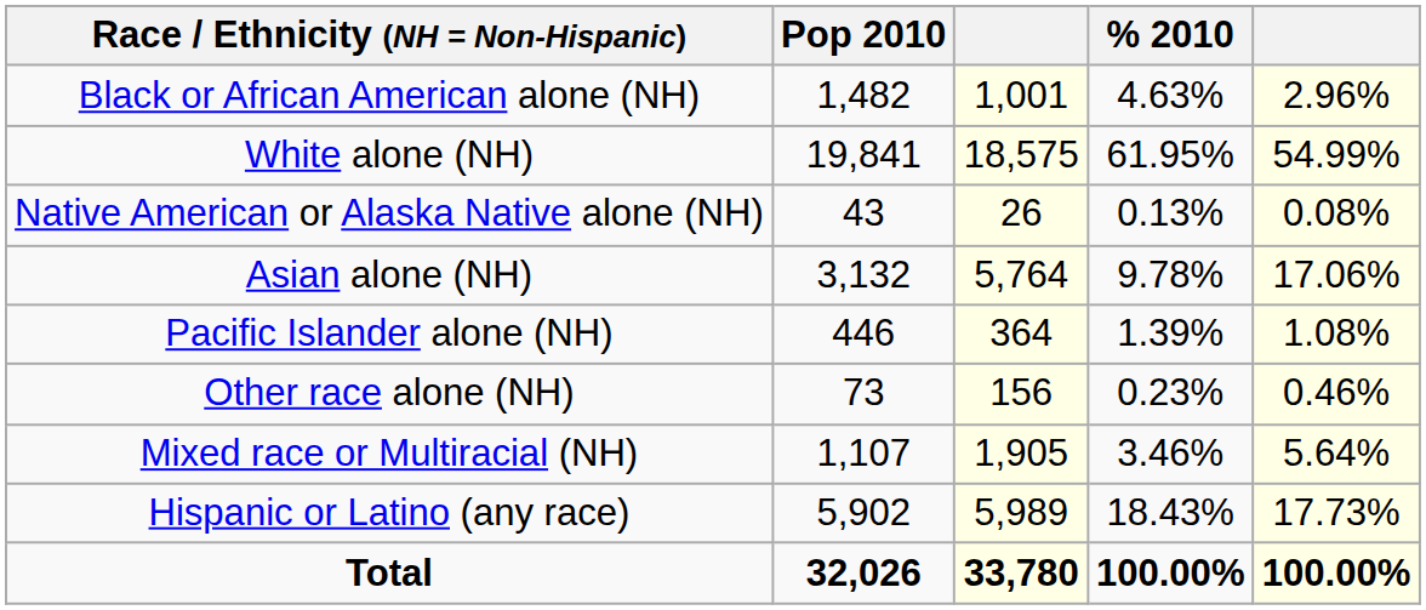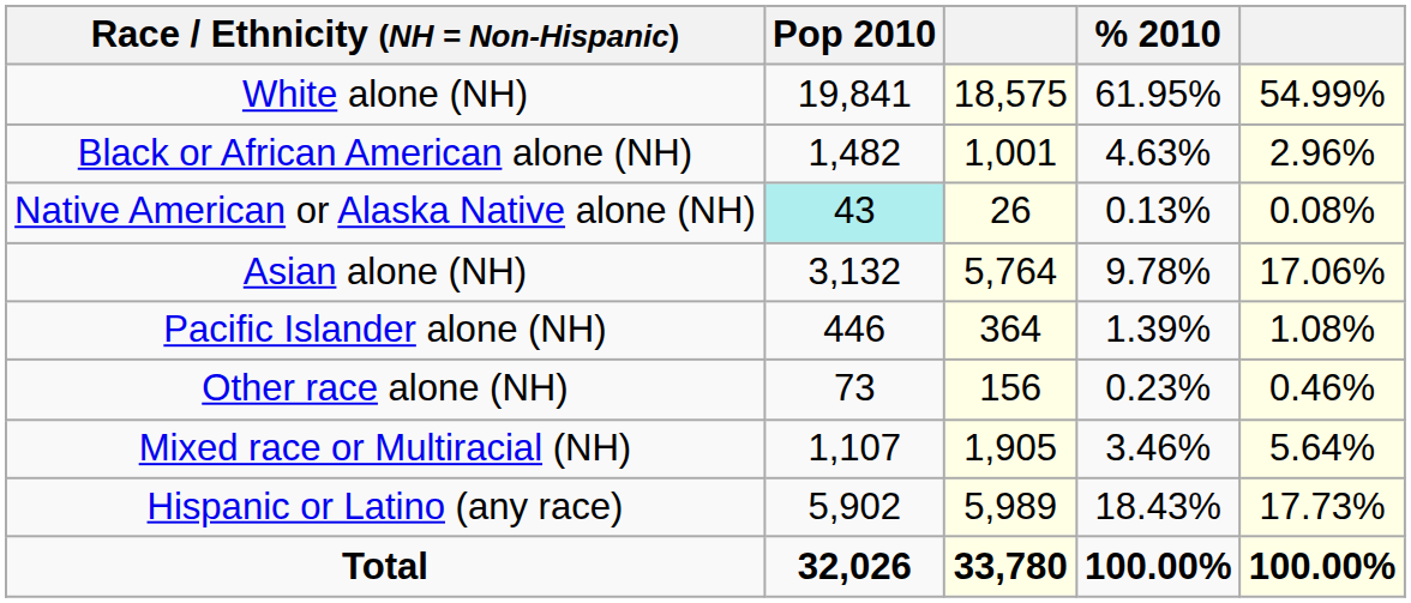 <table class="wikitable" style="text-align:center;">
 <tr>
 <th>Race / Ethnicity <small>(<em>NH = Non-Hispanic</em>)</small></th>
 <th>Pop 2010</th>
 <th></th>
 <th>% 2010</th>
 <th></th>
 </tr>
 <tr>
+<td><a href='#'>White</a> alone (NH)</td>
+<td>19,841</td>
+<td style='background: #ffffe6;'>18,575</td>
+<td>61.95%</td>
+<td style='background: #ffffe6;'>54.99%</td>
+</tr>
+<tr>
 <td><a href='#'>Black or African American</a> alone (NH)</td>
 <td>1,482</td>
 <td style='background: #ffffe6;'>1,001</td>
 <td>4.63%</td>
 <td style='background: #ffffe6;'>2.96%</td>
 </tr>
 <tr>
-<td><a href='#'>White</a> alone (NH)</td>
-<td>19,841</td>
-<td style='background: #ffffe6;'>18,575</td>
-<td>61.95%</td>
-<td style='background: #ffffe6;'>54.99%</td>
-</tr>
-<tr>
 <td><a href='#'>Native American</a> or <a href='#'>Alaska Native</a> alone (NH)</td>
-<td>43</td>
+<td style="background: paleturquoise;">43</td>
 <td style='background: #ffffe6;'>26</td>
 <td>0.13%</td>
 <td style='background: #ffffe6;'>0.08%</td>
 </tr>
 <tr>
 <td><a href='#'>Asian</a> alone (NH)</td>
 <td>3,132</td>
 <td style='background: #ffffe6;'>5,764</td>
 <td>9.78%</td>
 <td style='background: #ffffe6;'>17.06%</td>
 </tr>
 <tr>
 <td><a href='#'>Pacific Islander</a> alone (NH)</td>
 <td>446</td>
 <td style='background: #ffffe6;'>364</td>
 <td>1.39%</td>
 <td style='background: #ffffe6;'>1.08%</td>
 </tr>
 <tr>
 <td><a href='#'>Other race</a> alone (NH)</td>
 <td>73</td>
 <td style='background: #ffffe6;'>156</td>
 <td>0.23%</td>
 <td style='background: #ffffe6;'>0.46%</td>
 </tr>
 <tr>
 <td><a href='#'>Mixed race or Multiracial</a> (NH)</td>
 <td>1,107</td>
 <td style='background: #ffffe6;'>1,905</td>
 <td>3.46%</td>
 <td style='background: #ffffe6;'>5.64%</td>
 </tr>
 <tr>
 <td><a href='#'>Hispanic or Latino</a> (any race)</td>
 <td>5,902</td>
 <td style='background: #ffffe6;'>5,989</td>
 <td>18.43%</td>
 <td style='background: #ffffe6;'>17.73%</td>
 </tr>
 <tr>
 <td><strong>Total</strong></td>
 <td><strong>32,026</strong></td>
 <td style='background: #ffffe6;'><strong>33,780</strong></td>
 <td><strong>100.00%</strong></td>
 <td style='background: #ffffe6;'><strong>100.00%</strong></td>
 </tr>
 </table>
